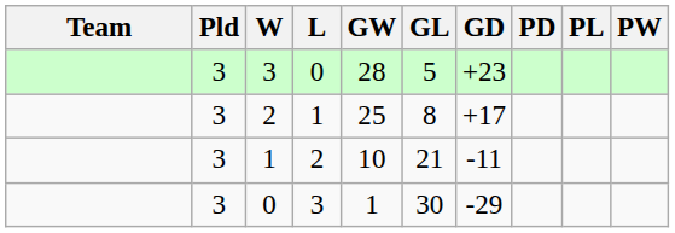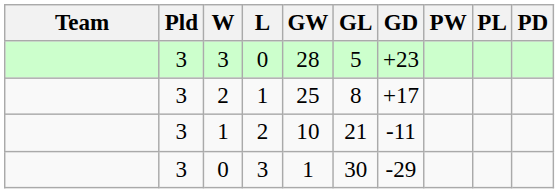 <table class=wikitable style="text-align:center">
 <tr>
 <th width=100>Team</th>
 <th width=20>Pld</th>
 <th width=20>W</th>
 <th width=20>L</th>
 <th width=20>GW</th>
 <th width=20>GL</th>
 <th width=20>GD</th>
+<th width=20>PW</th>
+<th width=20>PL</th>
 <th width=20>PD</th>
-<th width=20>PL</th>
-<th width=20>PW</th>
 </tr>
 <tr bgcolor="#ccffcc">
 <td align=left></td>
 <td>3</td>
 <td>3</td>
 <td>0</td>
 <td>28</td>
 <td>5</td>
 <td>+23</td>
 <td></td>
 <td></td>
 <td></td>
 </tr>
 <tr>
 <td align=left></td>
 <td>3</td>
 <td>2</td>
 <td>1</td>
 <td>25</td>
 <td>8</td>
 <td>+17</td>
 <td></td>
 <td></td>
 <td></td>
 </tr>
 <tr>
 <td align=left></td>
 <td>3</td>
 <td>1</td>
 <td>2</td>
 <td>10</td>
 <td>21</td>
 <td>-11</td>
 <td></td>
 <td></td>
 <td></td>
 </tr>
 <tr>
 <td align=left></td>
 <td>3</td>
 <td>0</td>
 <td>3</td>
 <td>1</td>
 <td>30</td>
 <td>-29</td>
 <td></td>
 <td></td>
 <td></td>
 </tr>
 </table>
